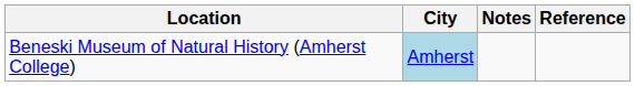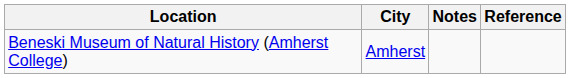 <table class="wikitable">
 <tr>
 <th Width="350">Location</th>
 <th>City</th>
 <th>Notes</th>
 <th>Reference</th>
 </tr>
 <tr>
 <td><a href='#'>Beneski Museum of Natural History</a> (<a href='#'>Amherst College</a>)</td>
-<td style="background: lightblue;"><a href='#'>Amherst</a></td>
+<td><a href='#'>Amherst</a></td>
 <td></td>
 <td></td>
 </tr>
 <tr>
 </tr>
 </table>
